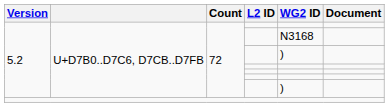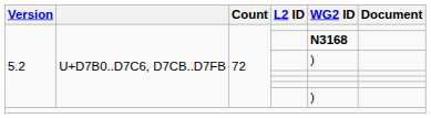 <table class="wikitable collapsible sticky-header">
 <tr>
 <th><a href='#'>Version</a></th>
 <th></th>
 <th>Count</th>
 <th><a href='#'>L2</a> ID</th>
 <th><a href='#'>WG2</a> ID</th>
 <th>Document</th>
 </tr>
 <tr>
 <td rowspan="7">5.2</td>
 <td rowspan="7">U+D7B0..D7C6, D7CB..D7FB</td>
 <td rowspan="7">72</td>
 <td></td>
 <td></td>
 <td></td>
 </tr>
 <tr>
 <td></td>
-<td>N3168</td>
+<td><strong>N3168</strong></td>
 <td></td>
 </tr>
 <tr>
 <td></td>
 <td> )</td>
 <td></td>
 </tr>
 <tr>
 <td></td>
 <td></td>
 <td></td>
 </tr>
 <tr>
 <td></td>
 <td></td>
 <td></td>
 </tr>
 <tr>
 <td></td>
 <td></td>
 <td></td>
 </tr>
 <tr>
 <td></td>
 <td> )</td>
 <td></td>
 </tr>
 <tr class="sortbottom">
 <td colspan="6"></td>
 </tr>
 </table>
